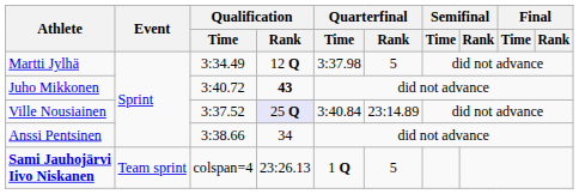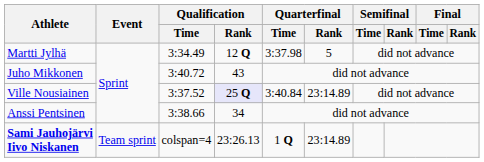 <table class="wikitable" style="font-size:90%">
 <tr>
 <th rowspan="2">Athlete</th>
 <th rowspan="2">Event</th>
 <th colspan="2">Qualification</th>
 <th colspan="2">Quarterfinal</th>
 <th colspan="2">Semifinal</th>
 <th colspan="2">Final</th>
 </tr>
 <tr style="font-size:95%">
 <th>Time</th>
 <th>Rank</th>
 <th>Time</th>
 <th>Rank</th>
 <th>Time</th>
 <th>Rank</th>
 <th>Time</th>
 <th>Rank</th>
 </tr>
 <tr align=center>
 <td align=left><a href='#'>Martti Jylhä</a></td>
 <td align=left rowspan=4><a href='#'>Sprint</a></td>
 <td>3:34.49</td>
 <td>12 <strong>Q</strong></td>
 <td>3:37.98</td>
 <td>5</td>
 <td colspan=4>did not advance</td>
 </tr>
 <tr align=center>
 <td align=left><a href='#'>Juho Mikkonen</a></td>
 <td>3:40.72</td>
-<td><strong>43</strong></td>
+<td>43</td>
 <td colspan=6>did not advance</td>
 </tr>
 <tr align=center>
 <td align=left><a href='#'>Ville Nousiainen</a></td>
 <td>3:37.52</td>
 <td style="background: lavender;">25 <strong>Q</strong></td>
 <td>3:40.84</td>
 <td>23:14.89</td>
 <td colspan=4>did not advance</td>
 </tr>
 <tr align=center>
 <td align=left><a href='#'>Anssi Pentsinen</a></td>
 <td>3:38.66</td>
 <td>34</td>
 <td colspan=6>did not advance</td>
 </tr>
 <tr align=center>
 <td align=left><strong><a href='#'>Sami Jauhojärvi</a><br><a href='#'>Iivo Niskanen</a></strong></td>
 <td align=left><a href='#'>Team sprint</a></td>
 <td>colspan=4 </td>
 <td>23:26.13</td>
 <td>1 <strong>Q</strong></td>
-<td>5</td>
+<td>23:14.89</td>
 <td></td>
 </tr>
 </table>
